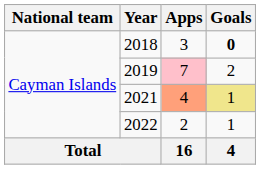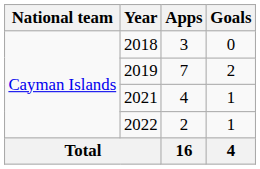 <table class="wikitable" style="text-align:center">
 <tr>
 <th>National team</th>
 <th>Year</th>
 <th>Apps</th>
 <th>Goals</th>
 </tr>
 <tr>
 <td rowspan="4"><a href='#'>Cayman Islands</a></td>
 <td>2018</td>
 <td>3</td>
-<td><strong>0</strong></td>
+<td>0</td>
 </tr>
 <tr>
 <td>2019</td>
-<td style="background: pink;">7</td>
+<td>7</td>
 <td>2</td>
 </tr>
 <tr>
 <td>2021</td>
-<td style="background: lightsalmon;">4</td>
-<td style="background: khaki;">1</td>
+<td>4</td>
+<td>1</td>
 </tr>
 <tr>
 <td>2022</td>
 <td>2</td>
 <td>1</td>
 </tr>
 <tr>
 <th colspan="2">Total</th>
 <th>16</th>
 <th>4</th>
 </tr>
 </table>
